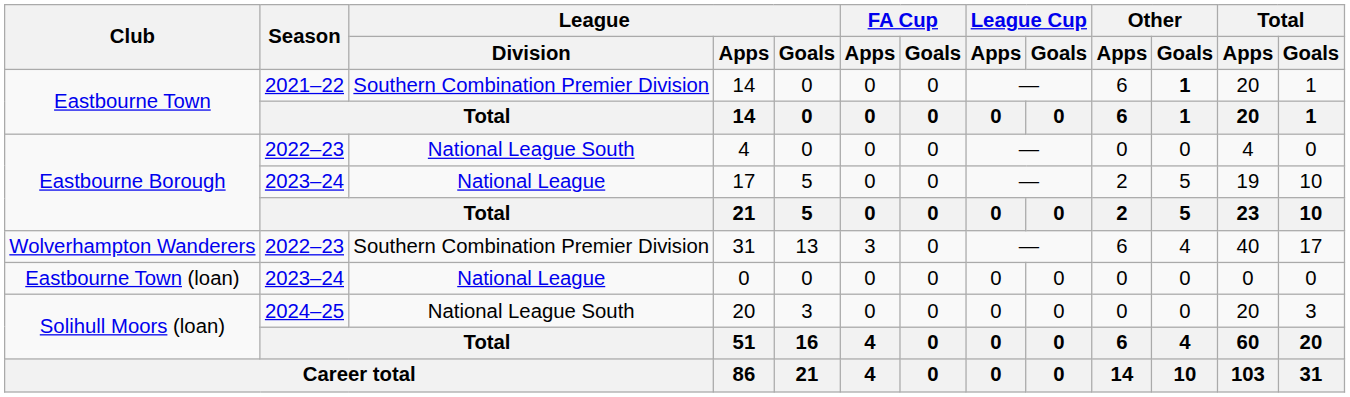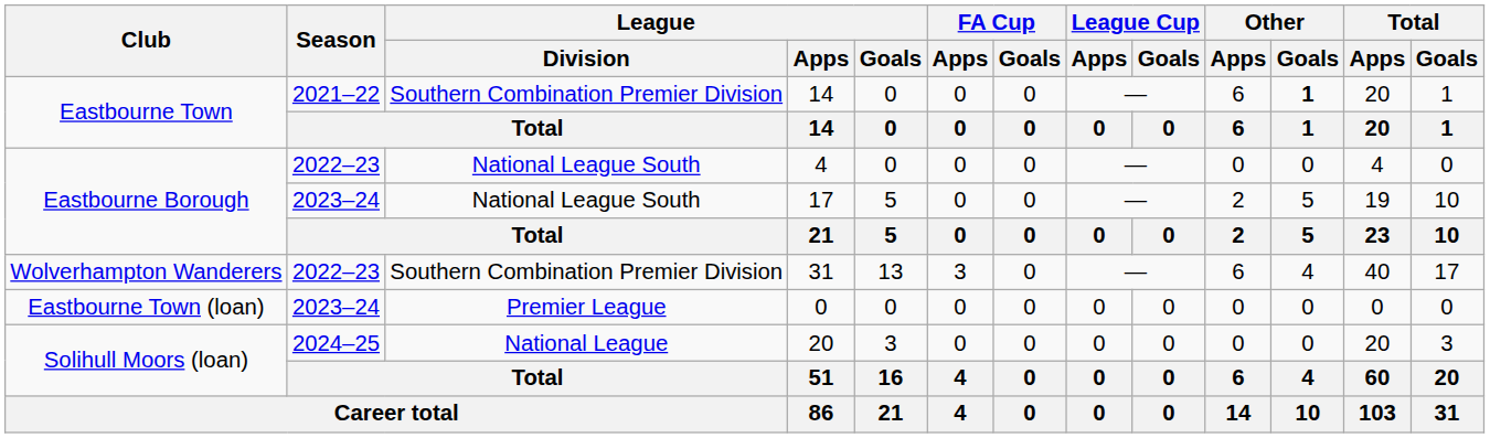 <table class="wikitable" style="text-align:center">
 <tr>
 <th rowspan="2">Club</th>
 <th rowspan="2">Season</th>
 <th colspan="3">League</th>
 <th colspan="2"><a href='#'>FA Cup</a></th>
 <th colspan="2"><a href='#'>League Cup</a></th>
 <th colspan="2">Other</th>
 <th colspan="2">Total</th>
 </tr>
 <tr>
 <th>Division</th>
 <th>Apps</th>
 <th>Goals</th>
 <th>Apps</th>
 <th>Goals</th>
 <th>Apps</th>
 <th>Goals</th>
 <th>Apps</th>
 <th>Goals</th>
 <th>Apps</th>
 <th>Goals</th>
 </tr>
 <tr>
 <td rowspan="2"><a href='#'>Eastbourne Town</a></td>
 <td><a href='#'>2021–22</a></td>
 <td><a href='#'>Southern Combination Premier Division</a></td>
 <td>14</td>
 <td>0</td>
 <td>0</td>
 <td>0</td>
 <td colspan=2>—</td>
 <td>6</td>
 <td><strong>1</strong></td>
 <td>20</td>
 <td>1</td>
 </tr>
 <tr>
 <th colspan=2>Total</th>
 <th>14</th>
 <th>0</th>
 <th>0</th>
 <th>0</th>
 <th>0</th>
 <th>0</th>
 <th>6</th>
 <th>1</th>
 <th>20</th>
 <th>1</th>
 </tr>
 <tr>
 <td rowspan=3><a href='#'>Eastbourne Borough</a></td>
 <td><a href='#'>2022–23</a></td>
 <td><a href='#'>National League South</a></td>
 <td>4</td>
 <td>0</td>
 <td>0</td>
 <td>0</td>
 <td colspan=2>—</td>
 <td>0</td>
 <td>0</td>
 <td>4</td>
 <td>0</td>
 </tr>
 <tr>
 <td><a href='#'>2023–24</a></td>
-<td><a href='#'>National League</a></td>
+<td>National League South</td>
 <td>17</td>
 <td>5</td>
 <td>0</td>
 <td>0</td>
 <td colspan=2>—</td>
 <td>2</td>
 <td>5</td>
 <td>19</td>
 <td>10</td>
 </tr>
 <tr>
 <th colspan=2>Total</th>
 <th>21</th>
 <th>5</th>
 <th>0</th>
 <th>0</th>
 <th>0</th>
 <th>0</th>
 <th>2</th>
 <th>5</th>
 <th>23</th>
 <th>10</th>
 </tr>
 <tr>
 <td><a href='#'>Wolverhampton Wanderers</a></td>
 <td><a href='#'>2022–23</a></td>
 <td>Southern Combination Premier Division</td>
 <td>31</td>
 <td>13</td>
 <td>3</td>
 <td>0</td>
 <td colspan=2>—</td>
 <td>6</td>
 <td>4</td>
 <td>40</td>
 <td>17</td>
 </tr>
 <tr>
 <td><a href='#'>Eastbourne Town</a> (loan)</td>
 <td><a href='#'>2023–24</a></td>
-<td><a href='#'>National League</a></td>
+<td><a href='#'>Premier League</a></td>
 <td>0</td>
 <td>0</td>
 <td>0</td>
 <td>0</td>
 <td>0</td>
 <td>0</td>
 <td>0</td>
 <td>0</td>
 <td>0</td>
 <td>0</td>
 </tr>
 <tr>
 <td rowspan="2"><a href='#'>Solihull Moors</a> (loan)</td>
 <td><a href='#'>2024–25</a></td>
-<td>National League South</td>
+<td><a href='#'>National League</a></td>
 <td>20</td>
 <td>3</td>
 <td>0</td>
 <td>0</td>
 <td>0</td>
 <td>0</td>
 <td>0</td>
 <td>0</td>
 <td>20</td>
 <td>3</td>
 </tr>
 <tr>
 <th colspan=2>Total</th>
 <th>51</th>
 <th>16</th>
 <th>4</th>
 <th>0</th>
 <th>0</th>
 <th>0</th>
 <th>6</th>
 <th>4</th>
 <th>60</th>
 <th>20</th>
 </tr>
 <tr>
 <th colspan=3>Career total</th>
 <th>86</th>
 <th>21</th>
 <th>4</th>
 <th>0</th>
 <th>0</th>
 <th>0</th>
 <th>14</th>
 <th>10</th>
 <th>103</th>
 <th>31</th>
 </tr>
 </table>
